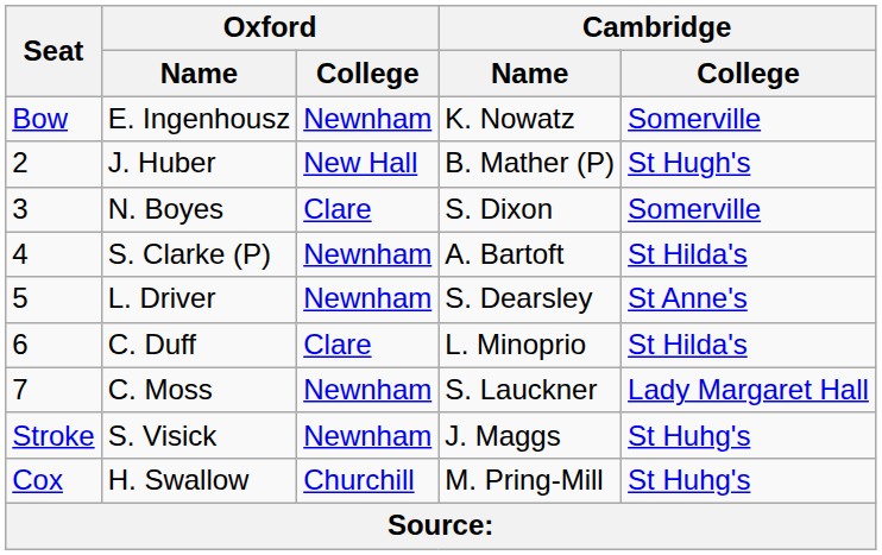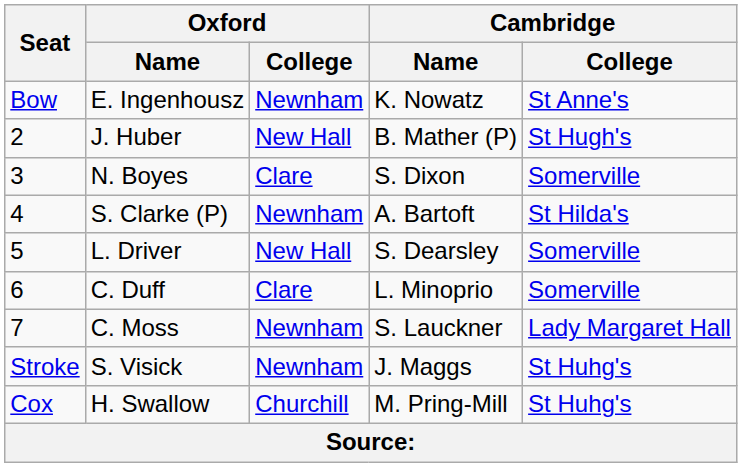 <table class="wikitable">
 <tr>
 <th rowspan="2" scope="col">Seat</th>
 <th colspan="2" scope="col">Oxford <br> </th>
 <th colspan="2" scope="col">Cambridge <br> </th>
 </tr>
 <tr>
 <th>Name</th>
 <th>College</th>
 <th>Name</th>
 <th>College</th>
 </tr>
 <tr>
 <td><a href='#'>Bow</a></td>
 <td>E. Ingenhousz</td>
 <td><a href='#'>Newnham</a></td>
 <td>K. Nowatz</td>
-<td><a href='#'>Somerville</a></td>
+<td><a href='#'>St Anne's</a></td>
 </tr>
 <tr>
 <td>2</td>
 <td>J. Huber</td>
 <td><a href='#'>New Hall</a></td>
 <td>B. Mather (P)</td>
 <td><a href='#'>St Hugh's</a></td>
 </tr>
 <tr>
 <td>3</td>
 <td>N. Boyes</td>
 <td><a href='#'>Clare</a></td>
 <td>S. Dixon</td>
 <td><a href='#'>Somerville</a></td>
 </tr>
 <tr>
 <td>4</td>
 <td>S. Clarke (P)</td>
 <td><a href='#'>Newnham</a></td>
 <td>A. Bartoft</td>
 <td><a href='#'>St Hilda's</a></td>
 </tr>
 <tr>
 <td>5</td>
 <td>L. Driver</td>
-<td><a href='#'>Newnham</a></td>
+<td><a href='#'>New Hall</a></td>
 <td>S. Dearsley</td>
-<td><a href='#'>St Anne's</a></td>
+<td><a href='#'>Somerville</a></td>
 </tr>
 <tr>
 <td>6</td>
 <td>C. Duff</td>
 <td><a href='#'>Clare</a></td>
 <td>L. Minoprio</td>
-<td><a href='#'>St Hilda's</a></td>
+<td><a href='#'>Somerville</a></td>
 </tr>
 <tr>
 <td>7</td>
 <td>C. Moss</td>
 <td><a href='#'>Newnham</a></td>
 <td>S. Lauckner</td>
 <td><a href='#'>Lady Margaret Hall</a></td>
 </tr>
 <tr>
 <td><a href='#'>Stroke</a></td>
 <td>S. Visick</td>
 <td><a href='#'>Newnham</a></td>
 <td>J. Maggs</td>
 <td><a href='#'>St Huhg's</a></td>
 </tr>
 <tr>
 <td><a href='#'>Cox</a></td>
 <td>H. Swallow</td>
 <td><a href='#'>Churchill</a></td>
 <td>M. Pring-Mill</td>
 <td><a href='#'>St Huhg's</a></td>
 </tr>
 <tr>
 <th colspan="7">Source:</th>
 </tr>
 </table>
